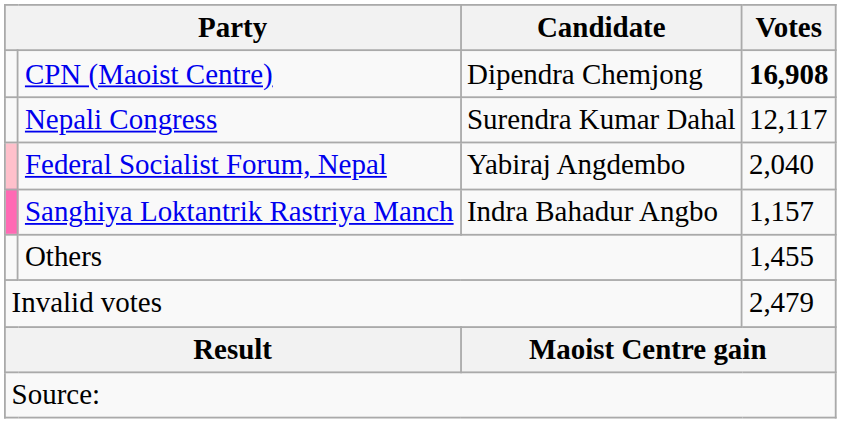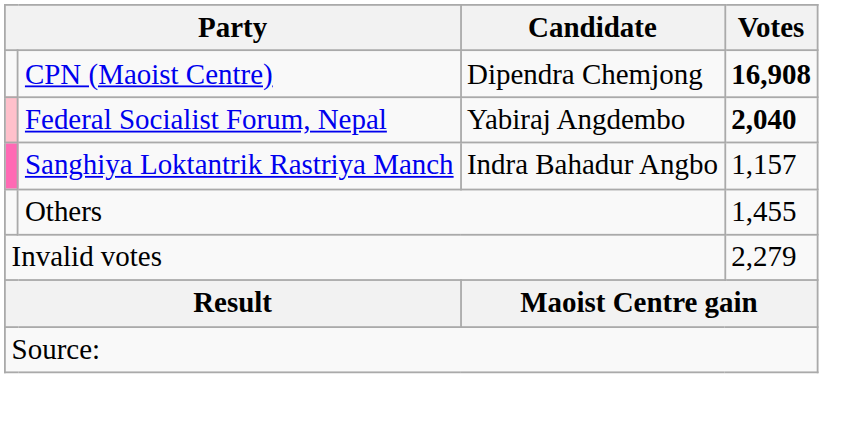 <table class="wikitable">
 <tr>
 <th colspan="2">Party</th>
 <th>Candidate</th>
 <th>Votes</th>
 </tr>
 <tr>
 <td style="background-color:"></td>
 <td><a href='#'>CPN (Maoist Centre)</a></td>
 <td>Dipendra Chemjong</td>
 <td><strong>16,908</strong></td>
 </tr>
 <tr>
-<td style="background-color:"></td>
-<td><a href='#'>Nepali Congress</a></td>
-<td>Surendra Kumar Dahal</td>
-<td>12,117</td>
-</tr>
-<tr>
 <td style="background-color:#ffc0cb"></td>
 <td><a href='#'>Federal Socialist Forum, Nepal</a></td>
 <td>Yabiraj Angdembo</td>
-<td>2,040</td>
+<td><strong>2,040</strong></td>
 </tr>
 <tr>
 <td style="background-color:hotpink"></td>
 <td><a href='#'>Sanghiya Loktantrik Rastriya Manch</a></td>
 <td>Indra Bahadur Angbo</td>
 <td>1,157</td>
 </tr>
 <tr>
 <td></td>
 <td colspan="2">Others</td>
 <td>1,455</td>
 </tr>
 <tr>
 <td colspan="3">Invalid votes</td>
-<td>2,479</td>
+<td>2,279</td>
 </tr>
 <tr>
 <th colspan="2">Result</th>
 <th colspan="2">Maoist Centre gain</th>
 </tr>
 <tr>
 <td colspan="4">Source: </td>
 </tr>
 </table>
